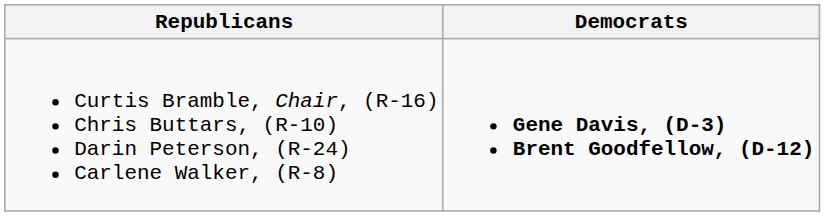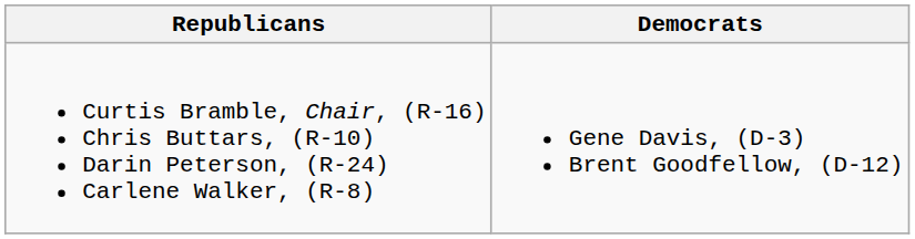 <table class=wikitable>
 <tr>
 <th>Republicans</th>
 <th>Democrats</th>
 </tr>
 <tr>
 <td><br><ul><li>Curtis Bramble, <em>Chair</em>, (R-16)</li><li>Chris Buttars, (R-10)</li><li>Darin Peterson, (R-24)</li><li>Carlene Walker, (R-8)</li></ul></td>
-<td><strong><br><ul><li>Gene Davis, (D-3)</li><li>Brent Goodfellow, (D-12)</li></ul></strong></td>
+<td><br><ul><li>Gene Davis, (D-3)</li><li>Brent Goodfellow, (D-12)</li></ul></td>
 </tr>
 </table>
